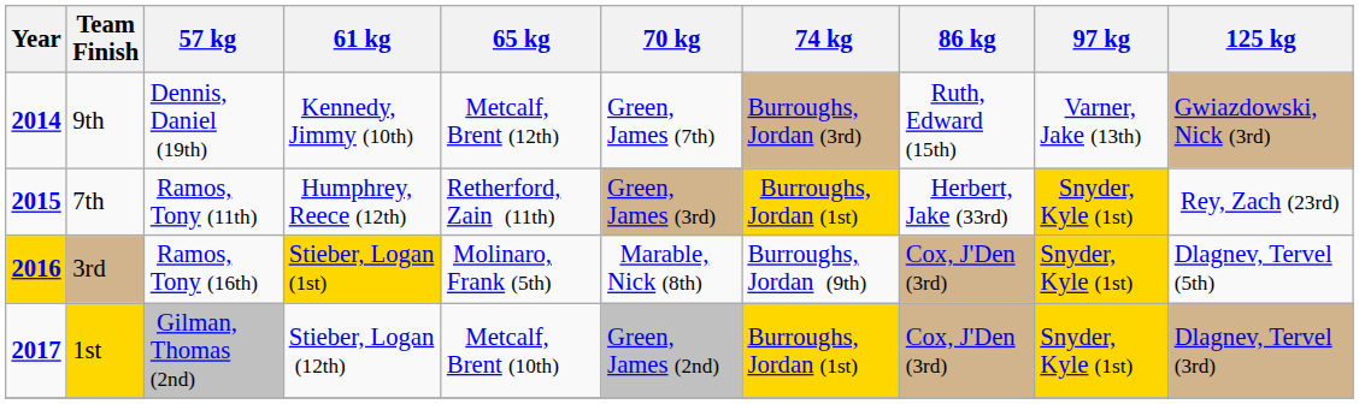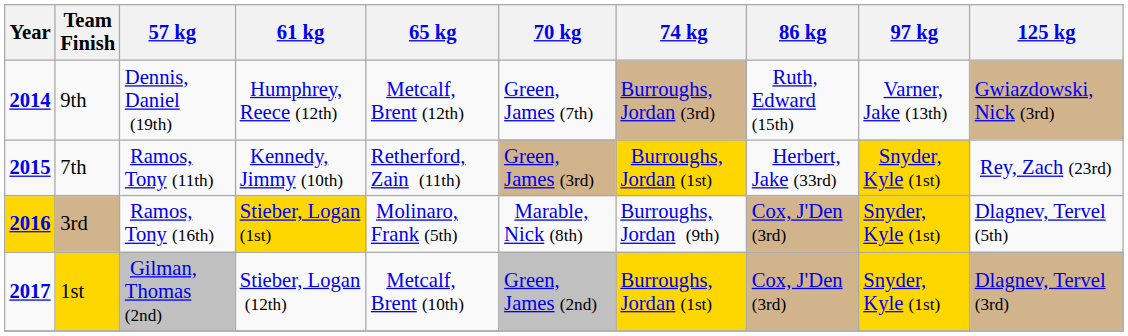 <table class="wikitable sortable" style="font-size: 100%">
 <tr>
 <th>Year</th>
 <th>Team Finish</th>
 <th width=200><a href='#'>57 kg</a>  </th>
 <th width=200><a href='#'>61 kg</a></th>
 <th width=200><a href='#'>65 kg</a></th>
 <th width=200><a href='#'>70 kg</a></th>
 <th width=200> <a href='#'>74 kg</a></th>
 <th width=200><a href='#'>86 kg</a></th>
 <th width=200><a href='#'>97 kg</a></th>
 <th width=200><a href='#'>125 kg</a></th>
 </tr>
 <tr>
 <td><strong><a href='#'>2014</a></strong></td>
 <td>9th</td>
 <td><a href='#'>Dennis, Daniel</a>  <small>(19th) </small></td>
-<td>  <a href='#'>Kennedy, Jimmy</a> <small>(10th)</small></td>
+<td>  <a href='#'>Humphrey, Reece</a> <small>(12th)</small></td>
 <td>   <a href='#'>Metcalf, Brent</a> <small>(12th)</small></td>
 <td><a href='#'>Green, James</a> <small>(7th)</small></td>
 <td bgcolor="TAN"><a href='#'>Burroughs, Jordan</a> <small>(3rd)</small></td>
 <td>    <a href='#'>Ruth, Edward</a> <small>(15th)</small></td>
 <td>    <a href='#'>Varner, Jake</a> <small>(13th)</small></td>
 <td bgcolor="TAN"><a href='#'>Gwiazdowski, Nick</a> <small>(3rd)</small></td>
 </tr>
 <tr>
 <td><strong><a href='#'>2015</a></strong></td>
 <td>7th</td>
 <td> <a href='#'>Ramos, Tony</a> <small>(11th)</small></td>
-<td>  <a href='#'>Humphrey, Reece</a> <small>(12th)</small></td>
+<td>  <a href='#'>Kennedy, Jimmy</a> <small>(10th)</small></td>
 <td><a href='#'>Retherford, Zain</a>  <small>(11th) </small></td>
 <td bgcolor="TAN"><a href='#'>Green, James</a> <small>(3rd)</small></td>
 <td bgcolor="GOLD">  <a href='#'>Burroughs, Jordan</a> <small>(1st)</small></td>
 <td>    <a href='#'>Herbert, Jake</a> <small>(33rd)</small></td>
 <td bgcolor="GOLD">   <a href='#'>Snyder, Kyle</a> <small>(1st)</small></td>
 <td> <a href='#'>Rey, Zach</a> <small>(23rd)</small></td>
 </tr>
 <tr>
 <td bgcolor="GOLD"><strong><a href='#'>2016</a></strong></td>
 <td bgcolor="TAN">3rd</td>
 <td> <a href='#'>Ramos, Tony</a> <small>(16th)</small></td>
 <td bgcolor="GOLD"><a href='#'>Stieber, Logan</a> <small>(1st) </small></td>
 <td> <a href='#'>Molinaro, Frank</a> <small>(5th) </small></td>
 <td>  <a href='#'>Marable, Nick</a> <small>(8th)</small></td>
 <td><a href='#'>Burroughs, Jordan</a>  <small>(9th) </small></td>
 <td bgcolor="TAN"><a href='#'>Cox, J'Den</a> <small>(3rd) </small></td>
 <td bgcolor="GOLD"><a href='#'>Snyder, Kyle</a> <small>(1st) </small></td>
 <td><a href='#'>Dlagnev, Tervel</a> <small>(5th)</small></td>
 </tr>
 <tr>
 <td><strong><a href='#'>2017</a></strong></td>
 <td bgcolor="GOLD">1st</td>
 <td bgcolor="SILVER"> <a href='#'>Gilman, Thomas</a> <small>(2nd) </small></td>
 <td><a href='#'>Stieber, Logan</a>  <small>(12th) </small></td>
 <td>   <a href='#'>Metcalf, Brent</a> <small>(10th)</small></td>
 <td bgcolor="SILVER"><a href='#'>Green, James</a> <small>(2nd) </small></td>
 <td bgcolor="GOLD"><a href='#'>Burroughs, Jordan</a> <small>(1st) </small></td>
 <td bgcolor="TAN"><a href='#'>Cox, J'Den</a> <small>(3rd) </small></td>
 <td bgcolor="GOLD"><a href='#'>Snyder, Kyle</a> <small>(1st) </small></td>
 <td bgcolor="TAN"><a href='#'>Dlagnev, Tervel</a> <small>(3rd)</small></td>
 </tr>
 <tr>
 </tr>
 </table>
